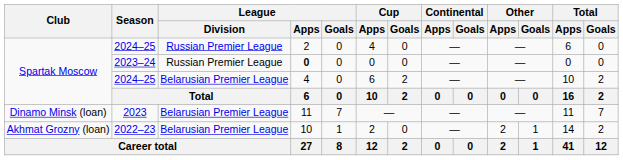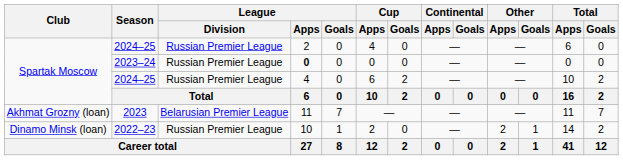 <table class="wikitable" style="text-align:center">
 <tr>
 <th rowspan="2">Club</th>
 <th rowspan="2">Season</th>
 <th colspan="3">League</th>
 <th colspan="2">Cup</th>
 <th colspan="2">Continental</th>
 <th colspan="2">Other</th>
 <th colspan="2">Total</th>
 </tr>
 <tr>
 <th>Division</th>
 <th>Apps</th>
 <th>Goals</th>
 <th>Apps</th>
 <th>Goals</th>
 <th>Apps</th>
 <th>Goals</th>
 <th>Apps</th>
 <th>Goals</th>
 <th>Apps</th>
 <th>Goals</th>
 </tr>
 <tr>
 <td rowspan="4"><a href='#'>Spartak Moscow</a></td>
 <td><a href='#'>2024–25</a></td>
 <td><a href='#'>Russian Premier League</a></td>
 <td>2</td>
 <td>0</td>
 <td>4</td>
 <td>0</td>
 <td colspan="2">—</td>
 <td colspan="2">—</td>
 <td>6</td>
 <td>0</td>
 </tr>
 <tr>
 <td><a href='#'>2023–24</a></td>
 <td>Russian Premier League</td>
 <td><strong>0</strong></td>
 <td>0</td>
 <td>0</td>
 <td>0</td>
 <td colspan="2">—</td>
 <td colspan="2">—</td>
 <td>0</td>
 <td>0</td>
 </tr>
 <tr>
 <td><a href='#'>2024–25</a></td>
-<td><a href='#'>Belarusian Premier League</a></td>
+<td>Russian Premier League</td>
 <td>4</td>
 <td>0</td>
 <td>6</td>
 <td>2</td>
 <td colspan="2">—</td>
 <td colspan="2">—</td>
 <td>10</td>
 <td>2</td>
 </tr>
 <tr>
 <th colspan="2">Total</th>
 <th>6</th>
 <th>0</th>
 <th>10</th>
 <th>2</th>
 <th>0</th>
 <th>0</th>
 <th>0</th>
 <th>0</th>
 <th>16</th>
 <th>2</th>
 </tr>
 <tr>
-<td><a href='#'>Dinamo Minsk</a> (loan)</td>
+<td><a href='#'>Akhmat Grozny</a> (loan)</td>
 <td><a href='#'>2023</a></td>
 <td><a href='#'>Belarusian Premier League</a></td>
 <td>11</td>
 <td>7</td>
 <td colspan="2">—</td>
 <td colspan="2">—</td>
 <td colspan="2">—</td>
 <td>11</td>
 <td>7</td>
 </tr>
 <tr>
-<td><a href='#'>Akhmat Grozny</a> (loan)</td>
+<td><a href='#'>Dinamo Minsk</a> (loan)</td>
 <td><a href='#'>2022–23</a></td>
-<td><a href='#'>Belarusian Premier League</a></td>
+<td>Russian Premier League</td>
 <td>10</td>
 <td>1</td>
 <td>2</td>
 <td>0</td>
 <td colspan="2">—</td>
 <td>2</td>
 <td>1</td>
 <td>14</td>
 <td>2</td>
 </tr>
 <tr>
 <th colspan="3">Career total</th>
 <th>27</th>
 <th>8</th>
 <th>12</th>
 <th>2</th>
 <th>0</th>
 <th>0</th>
 <th>2</th>
 <th>1</th>
 <th>41</th>
 <th>12</th>
 </tr>
 </table>
